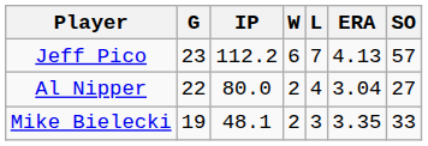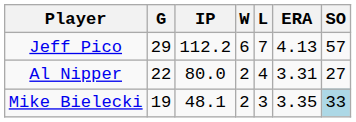 <table class="wikitable sortable" style="text-align:center">
 <tr>
 <th>Player</th>
 <th>G</th>
 <th>IP</th>
 <th>W</th>
 <th>L</th>
 <th>ERA</th>
 <th>SO</th>
 </tr>
 <tr>
 <td><a href='#'>Jeff Pico</a></td>
-<td>23</td>
+<td>29</td>
 <td>112.2</td>
 <td>6</td>
 <td>7</td>
 <td>4.13</td>
 <td>57</td>
 </tr>
 <tr>
 <td><a href='#'>Al Nipper</a></td>
 <td>22</td>
 <td>80.0</td>
 <td>2</td>
 <td>4</td>
-<td>3.04</td>
+<td>3.31</td>
 <td>27</td>
 </tr>
 <tr>
 <td><a href='#'>Mike Bielecki</a></td>
 <td>19</td>
 <td>48.1</td>
 <td>2</td>
 <td>3</td>
 <td>3.35</td>
-<td>33</td>
+<td style="background: lightblue;">33</td>
 </tr>
 </table>
